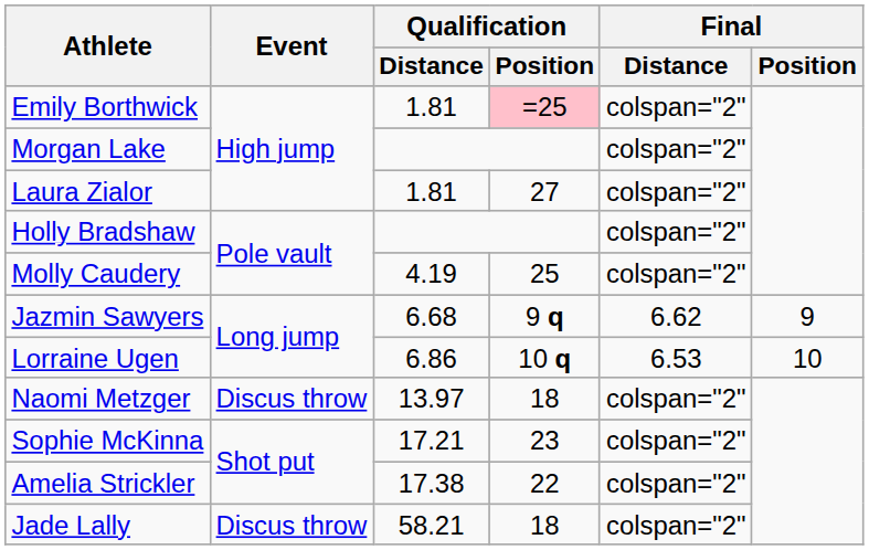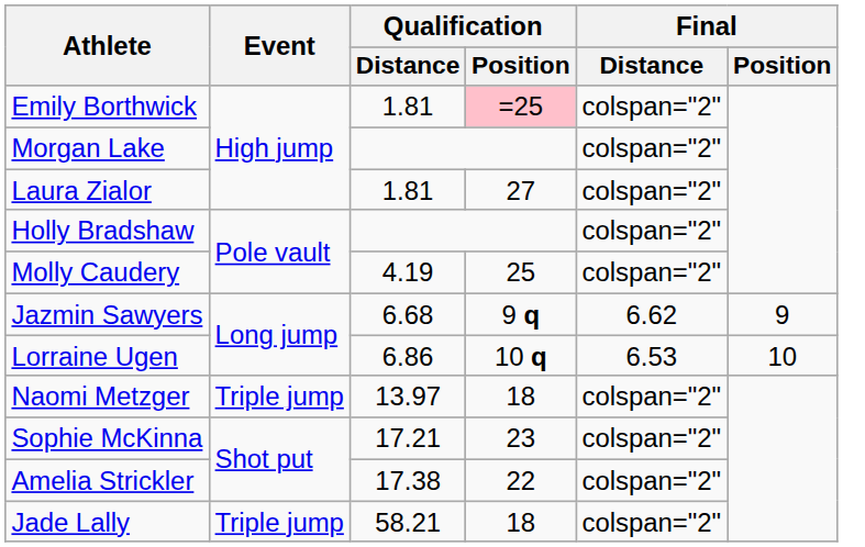 <table class="wikitable" style="font-size:90%">
 <tr>
 <th rowspan="2">Athlete</th>
 <th rowspan="2">Event</th>
 <th colspan="2">Qualification</th>
 <th colspan="2">Final</th>
 </tr>
 <tr style="font-size:95%">
 <th>Distance</th>
 <th>Position</th>
 <th>Distance</th>
 <th>Position</th>
 </tr>
 <tr align="center">
 <td align="left"><a href='#'>Emily Borthwick</a></td>
 <td rowspan="3" align="left"><a href='#'>High jump</a></td>
 <td>1.81</td>
 <td style="background: pink;">=25</td>
 <td>colspan="2" </td>
 </tr>
 <tr align="center">
 <td align="left"><a href='#'>Morgan Lake</a></td>
 <td colspan="2"></td>
 <td>colspan="2" </td>
 </tr>
 <tr align="center">
 <td align="left"><a href='#'>Laura Zialor</a></td>
 <td>1.81</td>
 <td>27</td>
 <td>colspan="2" </td>
 </tr>
 <tr align="center">
 <td align="left"><a href='#'>Holly Bradshaw</a></td>
 <td rowspan="2" align="left"><a href='#'>Pole vault</a></td>
 <td colspan="2"></td>
 <td>colspan="2" </td>
 </tr>
 <tr align="center">
 <td align="left"><a href='#'>Molly Caudery</a></td>
 <td>4.19</td>
 <td>25</td>
 <td>colspan="2" </td>
 </tr>
 <tr align="center">
 <td align="left"><a href='#'>Jazmin Sawyers</a></td>
 <td rowspan="2" align="left"><a href='#'>Long jump</a></td>
 <td>6.68 </td>
 <td>9 <strong>q</strong></td>
 <td>6.62</td>
 <td>9</td>
 </tr>
 <tr align="center">
 <td align="left"><a href='#'>Lorraine Ugen</a></td>
 <td>6.86</td>
 <td>10 <strong>q</strong></td>
 <td>6.53</td>
 <td>10</td>
 </tr>
 <tr align="center">
 <td align="left"><a href='#'>Naomi Metzger</a></td>
-<td align="left"><a href='#'>Discus throw</a></td>
+<td align="left"><a href='#'>Triple jump</a></td>
 <td>13.97</td>
 <td>18</td>
 <td>colspan="2" </td>
 </tr>
 <tr align="center">
 <td align="left"><a href='#'>Sophie McKinna</a></td>
 <td rowspan="2" align="left"><a href='#'>Shot put</a></td>
 <td>17.21</td>
 <td>23</td>
 <td>colspan="2" </td>
 </tr>
 <tr align="center">
 <td align="left"><a href='#'>Amelia Strickler</a></td>
 <td>17.38</td>
 <td>22</td>
 <td>colspan="2" </td>
 </tr>
 <tr align="center">
 <td align="left"><a href='#'>Jade Lally</a></td>
-<td align="left"><a href='#'>Discus throw</a></td>
+<td align="left"><a href='#'>Triple jump</a></td>
 <td>58.21</td>
 <td>18</td>
 <td>colspan="2" </td>
 </tr>
 </table>
